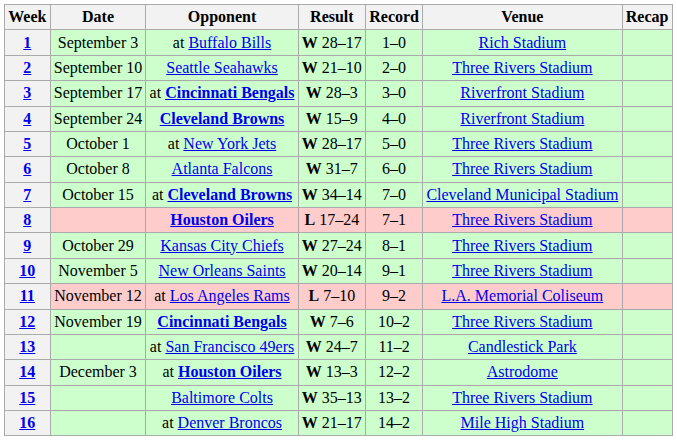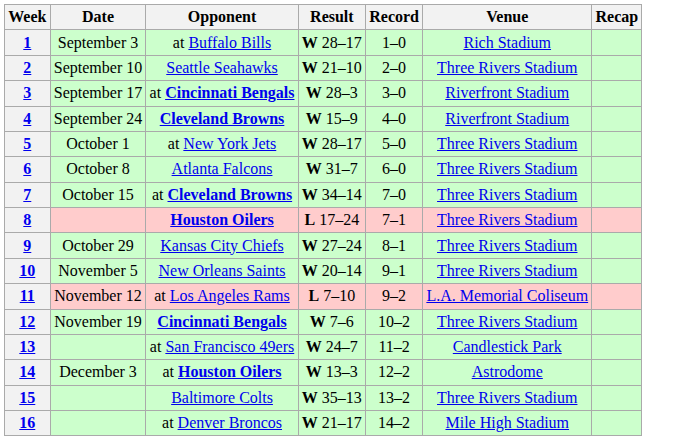 <table class="wikitable" style="text-align:center">
 <tr>
 <th>Week</th>
 <th>Date</th>
 <th>Opponent</th>
 <th>Result</th>
 <th>Record</th>
 <th>Venue</th>
 <th>Recap</th>
 </tr>
 <tr style="background:#cfc;">
 <th><a href='#'>1</a></th>
 <td>September 3</td>
 <td style="text-align:center;">at <a href='#'>Buffalo Bills</a></td>
 <td style="text-align:center;"><strong>W</strong> 28–17</td>
 <td style="text-align:center;">1–0</td>
 <td style="text-align:center;"><a href='#'>Rich Stadium</a></td>
 <td></td>
 </tr>
 <tr style="background:#cfc;">
 <th><a href='#'>2</a></th>
 <td>September 10</td>
 <td style="text-align:center;"><a href='#'>Seattle Seahawks</a></td>
 <td style="text-align:center;"><strong>W</strong> 21–10</td>
 <td style="text-align:center;">2–0</td>
 <td style="text-align:center;"><a href='#'>Three Rivers Stadium</a></td>
 <td></td>
 </tr>
 <tr style="background:#cfc;">
 <th><a href='#'>3</a></th>
 <td>September 17</td>
 <td style="text-align:center;">at <strong><a href='#'>Cincinnati Bengals</a></strong></td>
 <td style="text-align:center;"><strong>W</strong> 28–3</td>
 <td style="text-align:center;">3–0</td>
 <td style="text-align:center;"><a href='#'>Riverfront Stadium</a></td>
 <td></td>
 </tr>
 <tr style="background:#cfc;">
 <th><a href='#'>4</a></th>
 <td>September 24</td>
 <td style="text-align:center;"><strong><a href='#'>Cleveland Browns</a></strong></td>
 <td style="text-align:center;"><strong>W</strong> 15–9 </td>
 <td style="text-align:center;">4–0</td>
 <td style="text-align:center;"><a href='#'>Riverfront Stadium</a></td>
 <td></td>
 </tr>
 <tr style="background:#cfc;">
 <th><a href='#'>5</a></th>
 <td>October 1</td>
 <td style="text-align:center;">at <a href='#'>New York Jets</a></td>
 <td style="text-align:center;"><strong>W</strong> 28–17</td>
 <td style="text-align:center;">5–0</td>
 <td style="text-align:center;"><a href='#'>Three Rivers Stadium</a></td>
 <td></td>
 </tr>
 <tr style="background:#cfc;">
 <th><a href='#'>6</a></th>
 <td>October 8</td>
 <td style="text-align:center;"><a href='#'>Atlanta Falcons</a></td>
 <td style="text-align:center;"><strong>W</strong> 31–7</td>
 <td style="text-align:center;">6–0</td>
 <td style="text-align:center;"><a href='#'>Three Rivers Stadium</a></td>
 <td></td>
 </tr>
 <tr style="background:#cfc;">
 <th><a href='#'>7</a></th>
 <td>October 15</td>
 <td style="text-align:center;">at <strong><a href='#'>Cleveland Browns</a></strong></td>
 <td style="text-align:center;"><strong>W</strong> 34–14</td>
 <td style="text-align:center;">7–0</td>
-<td style="text-align:center;"><a href='#'>Cleveland Municipal Stadium</a></td>
+<td style="text-align:center;"><a href='#'>Three Rivers Stadium</a></td>
 <td></td>
 </tr>
 <tr style="background:#fcc;">
 <th><a href='#'>8</a></th>
 <td></td>
 <td style="text-align:center;"><strong><a href='#'>Houston Oilers</a></strong></td>
 <td style="text-align:center;"><strong>L</strong> 17–24</td>
 <td style="text-align:center;">7–1</td>
 <td style="text-align:center;"><a href='#'>Three Rivers Stadium</a></td>
 <td></td>
 </tr>
 <tr style="background:#cfc;">
 <th><a href='#'>9</a></th>
 <td>October 29</td>
 <td style="text-align:center;"><a href='#'>Kansas City Chiefs</a></td>
 <td style="text-align:center;"><strong>W</strong> 27–24</td>
 <td style="text-align:center;">8–1</td>
 <td style="text-align:center;"><a href='#'>Three Rivers Stadium</a></td>
 <td></td>
 </tr>
 <tr style="background:#cfc;">
 <th><a href='#'>10</a></th>
 <td>November 5</td>
 <td style="text-align:center;"><a href='#'>New Orleans Saints</a></td>
 <td style="text-align:center;"><strong>W</strong> 20–14</td>
 <td style="text-align:center;">9–1</td>
 <td style="text-align:center;"><a href='#'>Three Rivers Stadium</a></td>
 <td></td>
 </tr>
 <tr style="background:#fcc;">
 <th><a href='#'>11</a></th>
 <td>November 12</td>
 <td style="text-align:center;">at <a href='#'>Los Angeles Rams</a></td>
 <td style="text-align:center;"><strong>L</strong> 7–10</td>
 <td style="text-align:center;">9–2</td>
 <td style="text-align:center;"><a href='#'>L.A. Memorial Coliseum</a></td>
 <td></td>
 </tr>
 <tr style="background:#cfc;">
 <th><a href='#'>12</a></th>
 <td>November 19</td>
 <td style="text-align:center;"><strong><a href='#'>Cincinnati Bengals</a></strong></td>
 <td style="text-align:center;"><strong>W</strong> 7–6</td>
 <td style="text-align:center;">10–2</td>
 <td style="text-align:center;"><a href='#'>Three Rivers Stadium</a></td>
 <td></td>
 </tr>
 <tr style="background:#cfc;">
 <th><a href='#'>13</a></th>
 <td></td>
 <td style="text-align:center;">at <a href='#'>San Francisco 49ers</a></td>
 <td style="text-align:center;"><strong>W</strong> 24–7</td>
 <td style="text-align:center;">11–2</td>
 <td style="text-align:center;"><a href='#'>Candlestick Park</a></td>
 <td></td>
 </tr>
 <tr style="background:#cfc;">
 <th><a href='#'>14</a></th>
 <td>December 3</td>
 <td style="text-align:center;">at <strong><a href='#'>Houston Oilers</a></strong></td>
 <td style="text-align:center;"><strong>W</strong> 13–3</td>
 <td style="text-align:center;">12–2</td>
 <td style="text-align:center;"><a href='#'>Astrodome</a></td>
 <td></td>
 </tr>
 <tr style="background:#cfc;">
 <th><a href='#'>15</a></th>
 <td></td>
 <td style="text-align:center;"><a href='#'>Baltimore Colts</a></td>
 <td style="text-align:center;"><strong>W</strong> 35–13</td>
 <td style="text-align:center;">13–2</td>
 <td style="text-align:center;"><a href='#'>Three Rivers Stadium</a></td>
 <td></td>
 </tr>
 <tr style="background:#cfc;">
 <th><a href='#'>16</a></th>
 <td></td>
 <td style="text-align:center;">at <a href='#'>Denver Broncos</a></td>
 <td style="text-align:center;"><strong>W</strong> 21–17</td>
 <td style="text-align:center;">14–2</td>
 <td style="text-align:center;"><a href='#'>Mile High Stadium</a></td>
 <td></td>
 </tr>
 </table>
